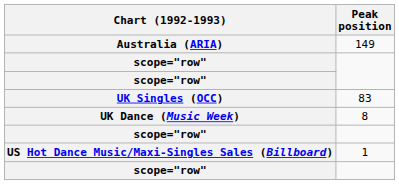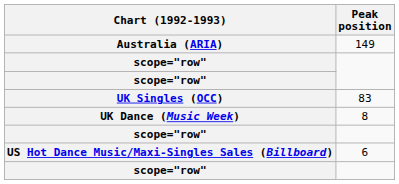 <table class="wikitable sortable plainrowheaders">
 <tr>
 <th scope="col">Chart (1992-1993)</th>
 <th scope="col">Peak <br>position</th>
 </tr>
 <tr>
 <th scope="row">Australia (<a href='#'>ARIA</a>)</th>
 <td align="center">149</td>
 </tr>
 <tr>
 <th>scope="row" </th>
 </tr>
 <tr>
 <th>scope="row" </th>
 </tr>
 <tr>
 <th scope="row"><a href='#'>UK Singles</a> (<a href='#'>OCC</a>)</th>
 <td align="center">83</td>
 </tr>
 <tr>
 <th scope="row">UK Dance (<em><a href='#'>Music Week</a></em>)</th>
 <td align="center">8</td>
 </tr>
 <tr>
 <th>scope="row" </th>
 </tr>
 <tr>
 <th scope="row">US <a href='#'>Hot Dance Music/Maxi-Singles Sales</a> (<em><a href='#'>Billboard</a></em>)</th>
-<td align="center">1</td>
+<td align="center">6</td>
 </tr>
 <tr>
 <th>scope="row" </th>
 </tr>
 </table>
